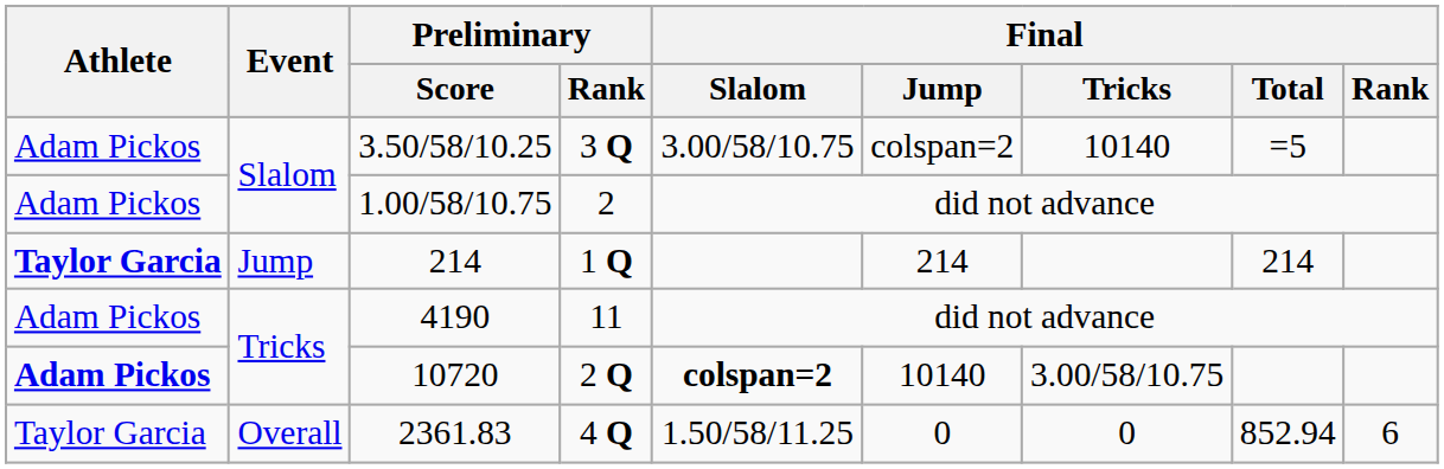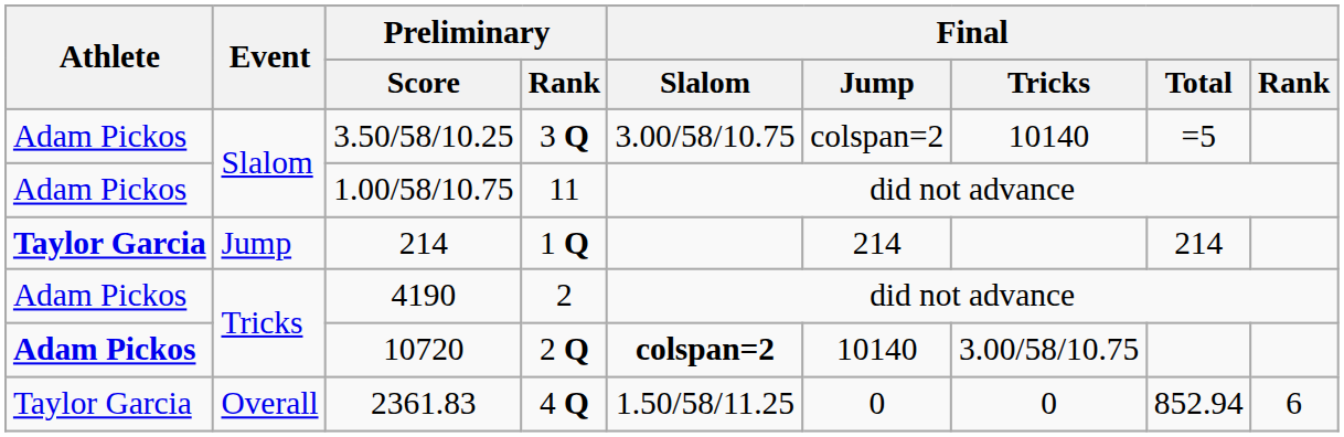 <table class=wikitable style=font-size:90%;text-align:center>
 <tr>
 <th rowspan=2>Athlete</th>
 <th rowspan=2>Event</th>
 <th colspan=2>Preliminary</th>
 <th colspan=5>Final</th>
 </tr>
 <tr style=font-size:95%>
 <th>Score</th>
 <th>Rank</th>
 <th>Slalom</th>
 <th>Jump</th>
 <th>Tricks</th>
 <th>Total</th>
 <th>Rank</th>
 </tr>
 <tr>
 <td align=left><a href='#'>Adam Pickos</a></td>
 <td align=left rowspan=2><a href='#'>Slalom</a></td>
 <td>3.50/58/10.25</td>
 <td>3 <strong>Q</strong></td>
 <td>3.00/58/10.75</td>
 <td>colspan=2 </td>
 <td>10140</td>
 <td>=5</td>
 </tr>
 <tr>
 <td align=left><a href='#'>Adam Pickos</a></td>
 <td>1.00/58/10.75</td>
-<td>2</td>
+<td>11</td>
 <td colspan=5>did not advance</td>
 </tr>
 <tr>
 <td align=left><strong><a href='#'>Taylor Garcia</a></strong></td>
 <td align=left><a href='#'>Jump</a></td>
 <td>214</td>
 <td>1 <strong>Q</strong></td>
 <td></td>
 <td>214</td>
 <td></td>
 <td>214</td>
 <td></td>
 </tr>
 <tr>
 <td align=left><a href='#'>Adam Pickos</a></td>
 <td align=left rowspan=2><a href='#'>Tricks</a></td>
 <td>4190</td>
-<td>11</td>
+<td>2</td>
 <td colspan=5>did not advance</td>
 </tr>
 <tr>
 <td align=left><strong><a href='#'>Adam Pickos</a></strong></td>
 <td>10720</td>
 <td>2 <strong>Q</strong></td>
 <td><strong>colspan=2 </strong></td>
 <td>10140</td>
 <td>3.00/58/10.75</td>
 <td></td>
 </tr>
 <tr>
 <td align=left><a href='#'>Taylor Garcia</a></td>
 <td align=left><a href='#'>Overall</a></td>
 <td>2361.83</td>
 <td>4 <strong>Q</strong></td>
 <td>1.50/58/11.25</td>
 <td>0</td>
 <td>0</td>
 <td>852.94</td>
 <td>6</td>
 </tr>
 </table>
